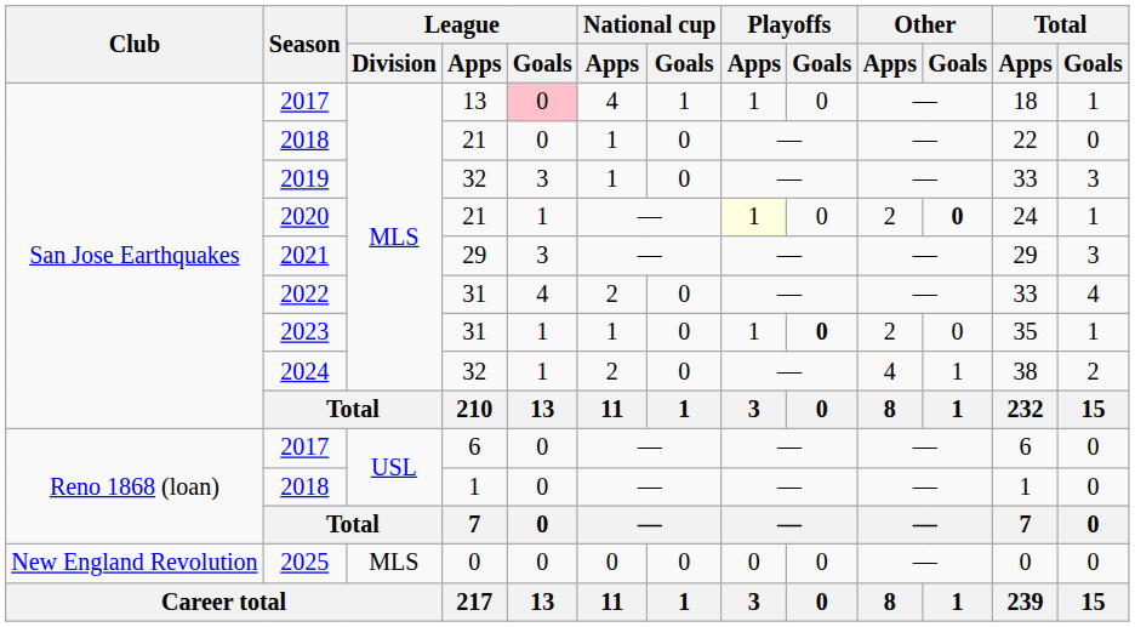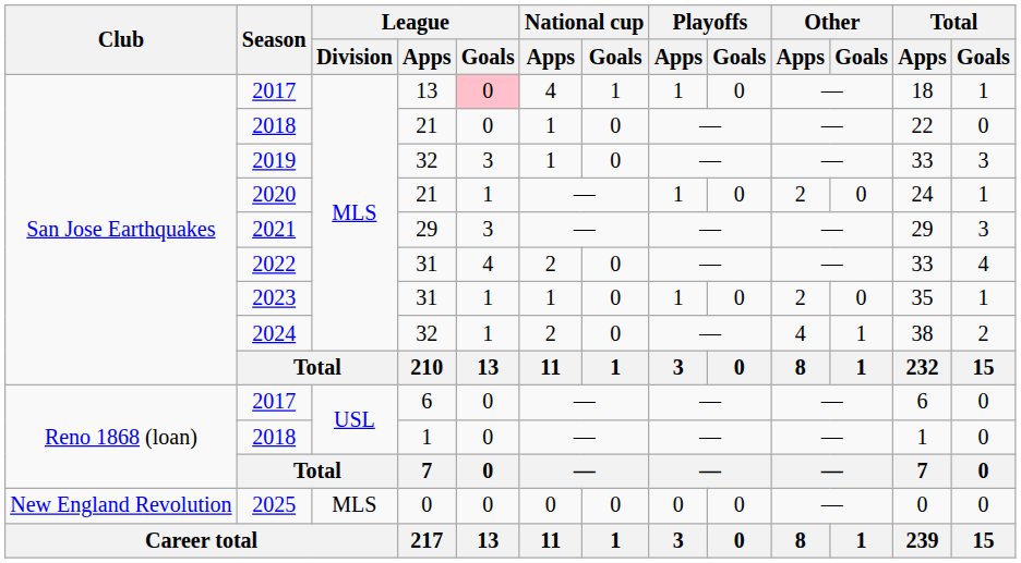 <table class="wikitable" style="text-align: center;">
 <tr>
 <th rowspan="2">Club</th>
 <th rowspan="2">Season</th>
 <th colspan="3">League</th>
 <th colspan="2">National cup</th>
 <th colspan="2">Playoffs</th>
 <th colspan="2">Other</th>
 <th colspan="2">Total</th>
 </tr>
 <tr>
 <th>Division</th>
 <th>Apps</th>
 <th>Goals</th>
 <th>Apps</th>
 <th>Goals</th>
 <th>Apps</th>
 <th>Goals</th>
 <th>Apps</th>
 <th>Goals</th>
 <th>Apps</th>
 <th>Goals</th>
 </tr>
 <tr>
 <td rowspan="9" valign="center"><a href='#'>San Jose Earthquakes</a></td>
 <td><a href='#'>2017</a></td>
 <td rowspan="8"><a href='#'>MLS</a></td>
 <td>13</td>
 <td style="background: pink;">0</td>
 <td>4</td>
 <td>1</td>
 <td>1</td>
 <td>0</td>
 <td colspan="2">—</td>
 <td>18</td>
 <td>1</td>
 </tr>
 <tr>
 <td><a href='#'>2018</a></td>
 <td>21</td>
 <td>0</td>
 <td>1</td>
 <td>0</td>
 <td colspan="2">—</td>
 <td colspan="2">—</td>
 <td>22</td>
 <td>0</td>
 </tr>
 <tr>
 <td><a href='#'>2019</a></td>
 <td>32</td>
 <td>3</td>
 <td>1</td>
 <td>0</td>
 <td colspan="2">—</td>
 <td colspan="2">—</td>
 <td>33</td>
 <td>3</td>
 </tr>
 <tr>
 <td><a href='#'>2020</a></td>
 <td>21</td>
 <td>1</td>
 <td colspan="2">—</td>
-<td style="background: lightyellow;">1</td>
+<td>1</td>
 <td>0</td>
 <td>2</td>
-<td><strong>0</strong></td>
+<td>0</td>
 <td>24</td>
 <td>1</td>
 </tr>
 <tr>
 <td><a href='#'>2021</a></td>
 <td>29</td>
 <td>3</td>
 <td colspan="2">—</td>
 <td colspan="2">—</td>
 <td colspan="2">—</td>
 <td>29</td>
 <td>3</td>
 </tr>
 <tr>
 <td><a href='#'>2022</a></td>
 <td>31</td>
 <td>4</td>
 <td>2</td>
 <td>0</td>
 <td colspan="2">—</td>
 <td colspan="2">—</td>
 <td>33</td>
 <td>4</td>
 </tr>
 <tr>
 <td><a href='#'>2023</a></td>
 <td>31</td>
 <td>1</td>
 <td>1</td>
 <td>0</td>
 <td>1</td>
-<td><strong>0</strong></td>
+<td>0</td>
 <td>2</td>
 <td>0</td>
 <td>35</td>
 <td>1</td>
 </tr>
 <tr>
 <td><a href='#'>2024</a></td>
 <td>32</td>
 <td>1</td>
 <td>2</td>
 <td>0</td>
 <td colspan="2">—</td>
 <td>4</td>
 <td>1</td>
 <td>38</td>
 <td>2</td>
 </tr>
 <tr>
 <th colspan="2">Total</th>
 <th>210</th>
 <th>13</th>
 <th>11</th>
 <th>1</th>
 <th>3</th>
 <th>0</th>
 <th>8</th>
 <th>1</th>
 <th>232</th>
 <th>15</th>
 </tr>
 <tr>
 <td rowspan="3" valign="center"><a href='#'>Reno 1868</a> (loan)</td>
 <td><a href='#'>2017</a></td>
 <td rowspan="2"><a href='#'>USL</a></td>
 <td>6</td>
 <td>0</td>
 <td colspan="2">—</td>
 <td colspan="2">—</td>
 <td colspan="2">—</td>
 <td>6</td>
 <td>0</td>
 </tr>
 <tr>
 <td><a href='#'>2018</a></td>
 <td>1</td>
 <td>0</td>
 <td colspan="2">—</td>
 <td colspan="2">—</td>
 <td colspan="2">—</td>
 <td>1</td>
 <td>0</td>
 </tr>
 <tr>
 <th colspan="2">Total</th>
 <th>7</th>
 <th>0</th>
 <th colspan="2">—</th>
 <th colspan="2">—</th>
 <th colspan="2">—</th>
 <th>7</th>
 <th>0</th>
 </tr>
 <tr>
 <td rowspan="1" valign="center"><a href='#'>New England Revolution</a></td>
 <td><a href='#'>2025</a></td>
 <td rowspan="1">MLS</td>
 <td>0</td>
 <td>0</td>
 <td>0</td>
 <td>0</td>
 <td>0</td>
 <td>0</td>
 <td colspan="2">—</td>
 <td>0</td>
 <td>0</td>
 </tr>
 <tr>
 <th colspan="3">Career total</th>
 <th>217</th>
 <th>13</th>
 <th>11</th>
 <th>1</th>
 <th>3</th>
 <th>0</th>
 <th>8</th>
 <th>1</th>
 <th>239</th>
 <th>15</th>
 </tr>
 </table>
